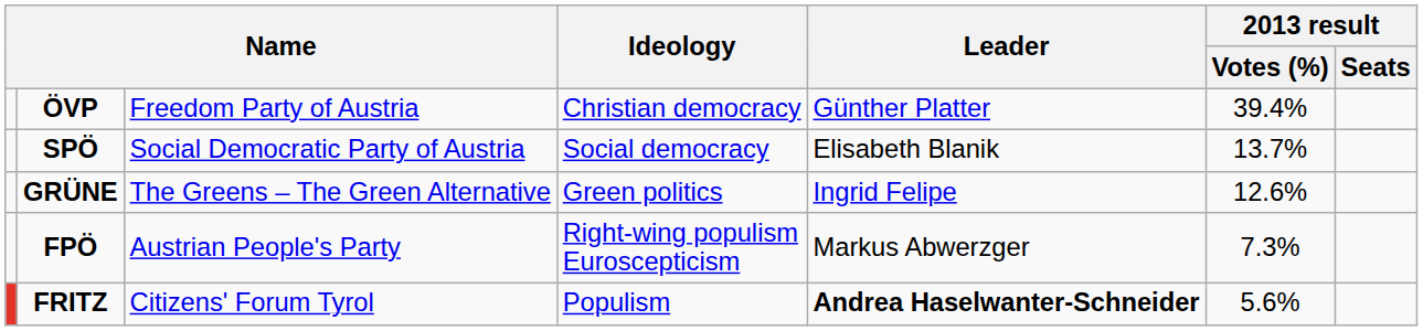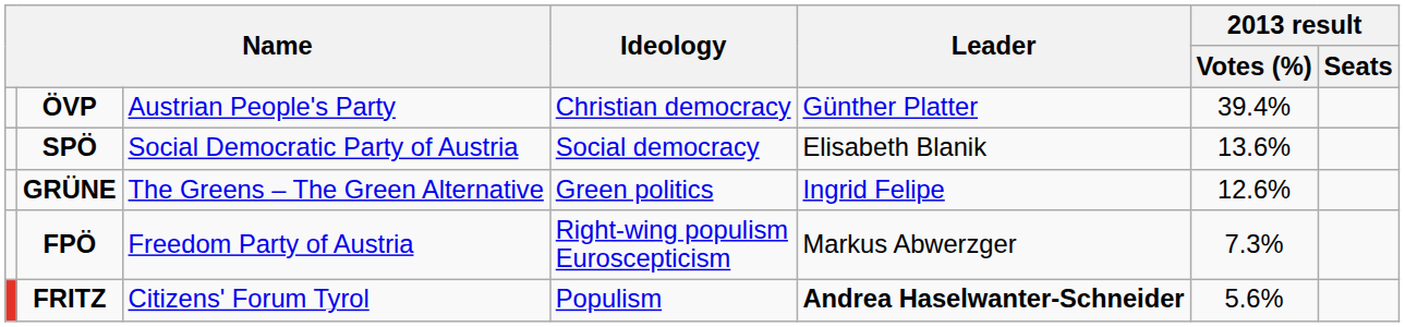 <table class="wikitable">
 <tr>
 <th rowspan="2" colspan="3">Name</th>
 <th rowspan="2">Ideology</th>
 <th rowspan="2">Leader</th>
 <th colspan="2">2013 result</th>
 </tr>
 <tr>
 <th>Votes (%)</th>
 <th>Seats</th>
 </tr>
 <tr>
 <td style="background:"></td>
 <td style="text-align:center;"><strong>ÖVP</strong></td>
-<td><a href='#'>Freedom Party of Austria</a><br></td>
+<td><a href='#'>Austrian People's Party</a><br></td>
 <td><a href='#'>Christian democracy</a></td>
 <td><a href='#'>Günther Platter</a></td>
 <td style="text-align:center;">39.4%</td>
 <td></td>
 </tr>
 <tr>
 <td style="background:"></td>
 <td style="text-align:center;"><strong>SPÖ</strong></td>
 <td><a href='#'>Social Democratic Party of Austria</a><br></td>
 <td><a href='#'>Social democracy</a></td>
 <td>Elisabeth Blanik</td>
-<td style="text-align:center;">13.7%</td>
+<td style="text-align:center;">13.6%</td>
 <td></td>
 </tr>
 <tr>
 <td style="background:"></td>
 <td style="text-align:center;"><strong>GRÜNE</strong></td>
 <td><a href='#'>The Greens – The Green Alternative</a><br></td>
 <td><a href='#'>Green politics</a></td>
 <td><a href='#'>Ingrid Felipe</a></td>
 <td style="text-align:center;">12.6%</td>
 <td></td>
 </tr>
 <tr>
 <td style="background:"></td>
 <td style="text-align:center;"><strong>FPÖ</strong></td>
-<td><a href='#'>Austrian People's Party</a><br></td>
+<td><a href='#'>Freedom Party of Austria</a><br></td>
 <td><a href='#'>Right-wing populism</a><br><a href='#'>Euroscepticism</a></td>
 <td>Markus Abwerzger</td>
 <td style="text-align:center;">7.3%</td>
 <td></td>
 </tr>
 <tr>
 <td style="background:#E43226;"></td>
 <td style="text-align:center;"><strong>FRITZ</strong></td>
 <td><a href='#'>Citizens' Forum Tyrol</a><br></td>
 <td><a href='#'>Populism</a></td>
 <td><strong>Andrea Haselwanter-Schneider</strong></td>
 <td style="text-align:center;">5.6%</td>
 <td></td>
 </tr>
 </table>
